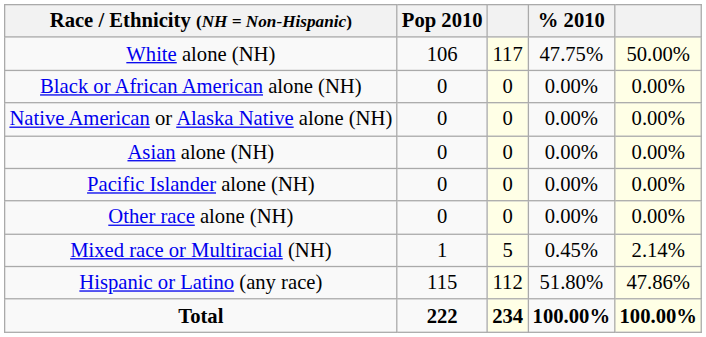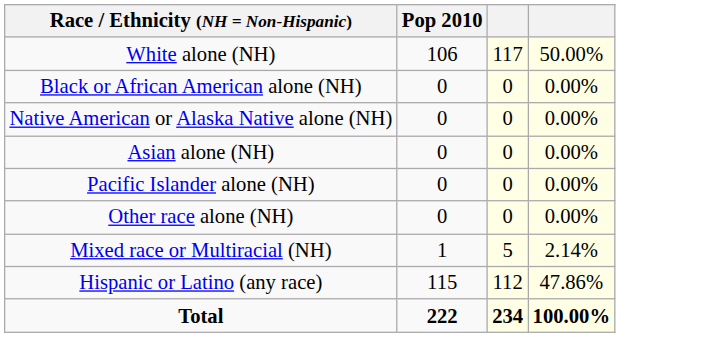 <table class="wikitable" style="text-align:center;">
 <tr>
 <th>Race / Ethnicity <small>(<em>NH = Non-Hispanic</em>)</small></th>
 <th>Pop 2010</th>
 <th></th>
-<th>% 2010</th>
 <th></th>
 </tr>
 <tr>
 <td><a href='#'>White</a> alone (NH)</td>
 <td>106</td>
 <td style='background: #ffffe6;'>117</td>
-<td>47.75%</td>
 <td style='background: #ffffe6;'>50.00%</td>
 </tr>
 <tr>
 <td><a href='#'>Black or African American</a> alone (NH)</td>
 <td>0</td>
 <td style='background: #ffffe6;'>0</td>
-<td>0.00%</td>
 <td style='background: #ffffe6;'>0.00%</td>
 </tr>
 <tr>
 <td><a href='#'>Native American</a> or <a href='#'>Alaska Native</a> alone (NH)</td>
 <td>0</td>
 <td style='background: #ffffe6;'>0</td>
-<td>0.00%</td>
 <td style='background: #ffffe6;'>0.00%</td>
 </tr>
 <tr>
 <td><a href='#'>Asian</a> alone (NH)</td>
 <td>0</td>
 <td style='background: #ffffe6;'>0</td>
-<td>0.00%</td>
 <td style='background: #ffffe6;'>0.00%</td>
 </tr>
 <tr>
 <td><a href='#'>Pacific Islander</a> alone (NH)</td>
 <td>0</td>
 <td style='background: #ffffe6;'>0</td>
-<td>0.00%</td>
 <td style='background: #ffffe6;'>0.00%</td>
 </tr>
 <tr>
 <td><a href='#'>Other race</a> alone (NH)</td>
 <td>0</td>
 <td style='background: #ffffe6;'>0</td>
-<td>0.00%</td>
 <td style='background: #ffffe6;'>0.00%</td>
 </tr>
 <tr>
 <td><a href='#'>Mixed race or Multiracial</a> (NH)</td>
 <td>1</td>
 <td style='background: #ffffe6;'>5</td>
-<td>0.45%</td>
 <td style='background: #ffffe6;'>2.14%</td>
 </tr>
 <tr>
 <td><a href='#'>Hispanic or Latino</a> (any race)</td>
 <td>115</td>
 <td style='background: #ffffe6;'>112</td>
-<td>51.80%</td>
 <td style='background: #ffffe6;'>47.86%</td>
 </tr>
 <tr>
 <td><strong>Total</strong></td>
 <td><strong>222</strong></td>
 <td style='background: #ffffe6;'><strong>234</strong></td>
-<td><strong>100.00%</strong></td>
 <td style='background: #ffffe6;'><strong>100.00%</strong></td>
 </tr>
 </table>
